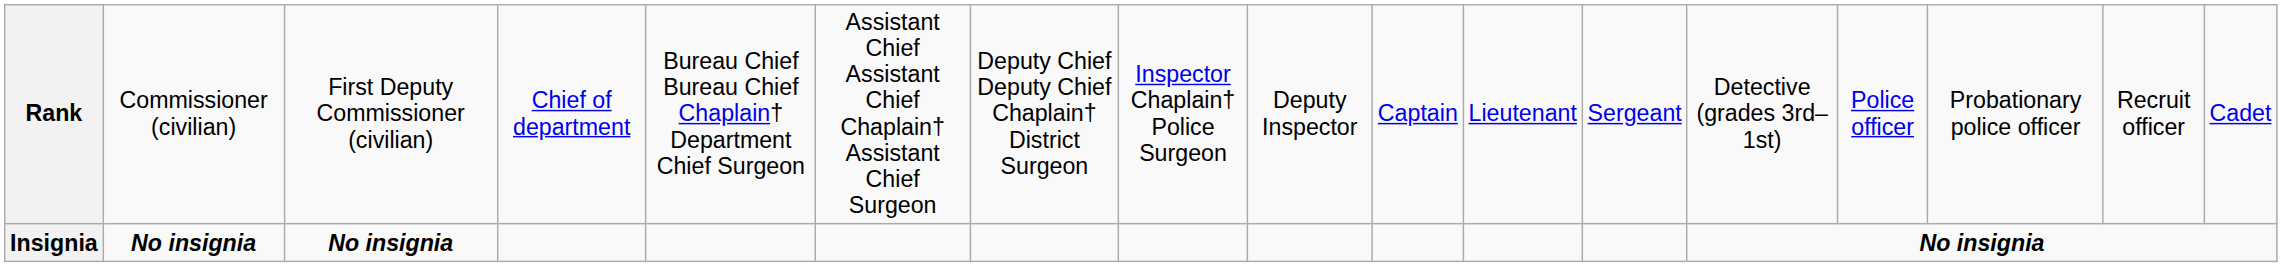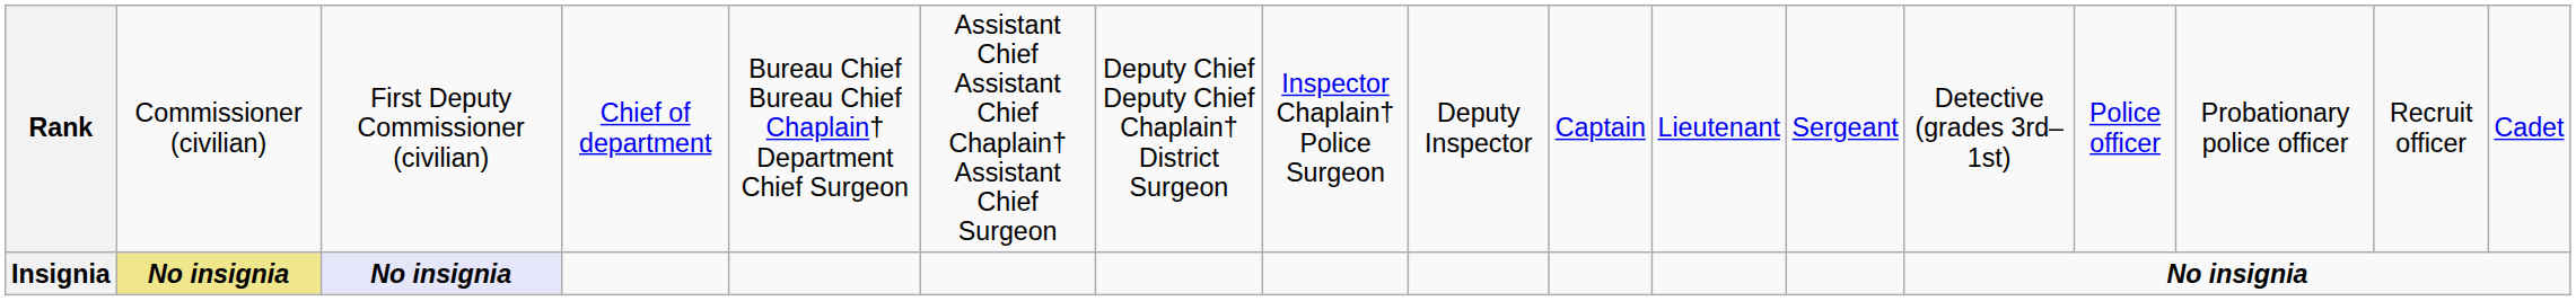 <table class="wikitable">
 <tr style="text-align:center;">
 <th>Rank</th>
 <td>Commissioner (civilian)</td>
 <td>First Deputy Commissioner (civilian)</td>
 <td><a href='#'>Chief of department</a></td>
 <td>Bureau Chief<br>Bureau Chief <a href='#'>Chaplain</a>†<br>Department Chief Surgeon</td>
 <td>Assistant Chief<br>Assistant Chief Chaplain†<br>Assistant Chief Surgeon</td>
 <td>Deputy Chief<br>Deputy Chief Chaplain†<br>District Surgeon</td>
 <td><a href='#'>Inspector</a><br>Chaplain†<br>Police Surgeon</td>
 <td>Deputy Inspector</td>
 <td><a href='#'>Captain</a></td>
 <td><a href='#'>Lieutenant</a></td>
 <td><a href='#'>Sergeant</a></td>
 <td>Detective (grades 3rd–1st)</td>
 <td><a href='#'>Police officer</a></td>
 <td>Probationary police officer</td>
 <td>Recruit officer</td>
 <td><a href='#'>Cadet</a></td>
 </tr>
 <tr style="text-align:center;">
 <th>Insignia</th>
-<td><strong><em>No insignia</em></strong></td>
-<td><strong><em>No insignia</em></strong></td>
+<td style="background: khaki;"><strong><em>No insignia</em></strong></td>
+<td style="background: lavender;"><strong><em>No insignia</em></strong></td>
 <td></td>
 <td></td>
 <td></td>
 <td></td>
 <td></td>
 <td></td>
 <td></td>
 <td></td>
 <td></td>
 <td colspan=5><strong><em>No insignia</em></strong></td>
 </tr>
 </table>
